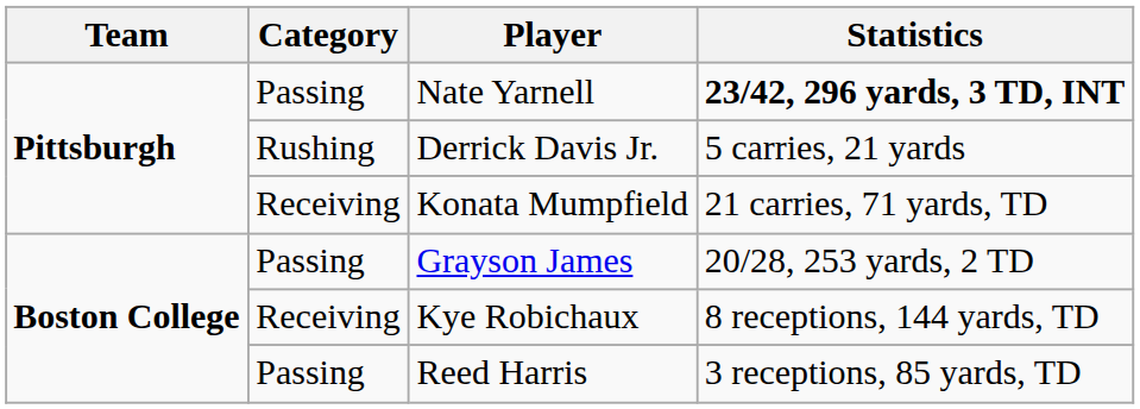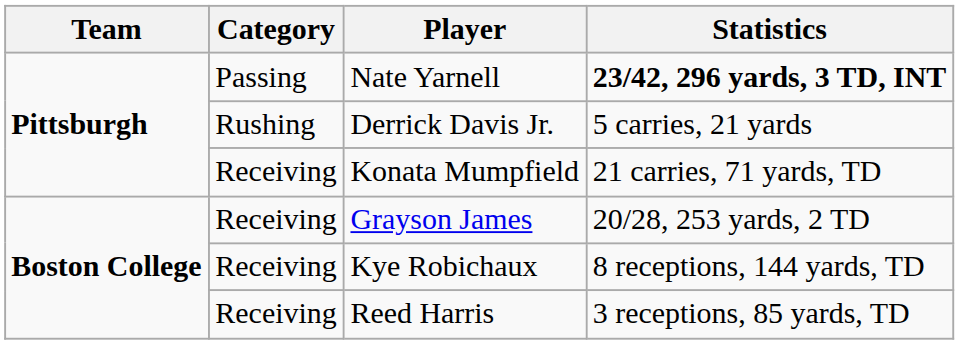 <table class="wikitable" style="float: right;">
 <tr>
 <th>Team</th>
 <th>Category</th>
 <th>Player</th>
 <th>Statistics</th>
 </tr>
 <tr>
 <td rowspan=3><strong>Pittsburgh</strong></td>
 <td>Passing</td>
 <td>Nate Yarnell</td>
 <td><strong>23/42, 296 yards, 3 TD, INT</strong></td>
 </tr>
 <tr>
 <td>Rushing</td>
 <td>Derrick Davis Jr.</td>
 <td>5 carries, 21 yards</td>
 </tr>
 <tr>
 <td>Receiving</td>
 <td>Konata Mumpfield</td>
 <td>21 carries, 71 yards, TD</td>
 </tr>
 <tr>
 <td rowspan=3><strong>Boston College</strong></td>
-<td>Passing</td>
+<td>Receiving</td>
 <td><a href='#'>Grayson James</a></td>
 <td>20/28, 253 yards, 2 TD</td>
 </tr>
 <tr>
 <td>Receiving</td>
 <td>Kye Robichaux</td>
 <td>8 receptions, 144 yards, TD</td>
 </tr>
 <tr>
-<td>Passing</td>
+<td>Receiving</td>
 <td>Reed Harris</td>
 <td>3 receptions, 85 yards, TD</td>
 </tr>
 </table>
